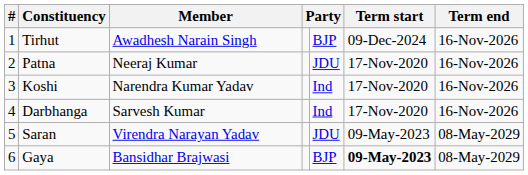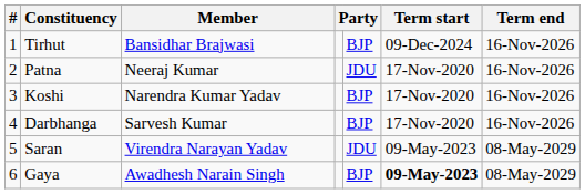 <table class="wikitable sortable">
 <tr>
 <th>#</th>
 <th>Constituency</th>
 <th style="width:200px">Member</th>
 <th colspan="2">Party</th>
 <th>Term start</th>
 <th>Term end</th>
 </tr>
 <tr>
 <td>1</td>
 <td>Tirhut</td>
-<td><a href='#'>Awadhesh Narain Singh</a></td>
+<td><a href='#'>Bansidhar Brajwasi</a></td>
 <td style="background-color:"></td>
 <td><a href='#'>BJP</a></td>
 <td>09-Dec-2024</td>
 <td>16-Nov-2026</td>
 </tr>
 <tr>
 <td>2</td>
 <td>Patna</td>
 <td>Neeraj Kumar</td>
 <td style="background-color:"></td>
 <td><a href='#'>JDU</a></td>
 <td>17-Nov-2020</td>
 <td>16-Nov-2026</td>
 </tr>
 <tr>
 <td>3</td>
 <td>Koshi</td>
 <td>Narendra Kumar Yadav</td>
 <td style="background-color:"></td>
-<td><a href='#'>Ind</a></td>
+<td><a href='#'>BJP</a></td>
 <td>17-Nov-2020</td>
 <td>16-Nov-2026</td>
 </tr>
 <tr>
 <td>4</td>
 <td>Darbhanga</td>
 <td>Sarvesh Kumar</td>
 <td style="background-color:"></td>
-<td><a href='#'>Ind</a></td>
+<td><a href='#'>BJP</a></td>
 <td>17-Nov-2020</td>
 <td>16-Nov-2026</td>
 </tr>
 <tr>
 <td>5</td>
 <td>Saran</td>
 <td><a href='#'>Virendra Narayan Yadav</a></td>
 <td style="background-color:"></td>
 <td><a href='#'>JDU</a></td>
 <td>09-May-2023</td>
 <td>08-May-2029</td>
 </tr>
 <tr>
 <td>6</td>
 <td>Gaya</td>
-<td><a href='#'>Bansidhar Brajwasi</a></td>
+<td><a href='#'>Awadhesh Narain Singh</a></td>
 <td style="background-color:"></td>
 <td><a href='#'>BJP</a></td>
 <td><strong>09-May-2023</strong></td>
 <td>08-May-2029</td>
 </tr>
 </table>
